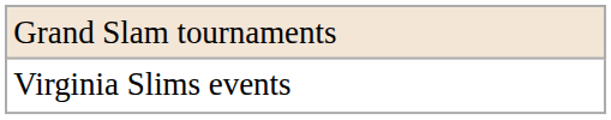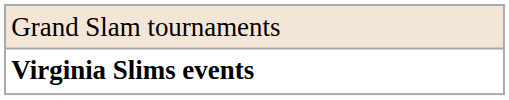 <table class=wikitable style=font-size:85%;width:20%>
 <tr bgcolor=#f3e6d7>
 <td>Grand Slam tournaments</td>
 </tr>
 <tr bgcolor=#FFFFFF>
-<td>Virginia Slims events</td>
+<td><strong>Virginia Slims events</strong></td>
 </tr>
 </table>
